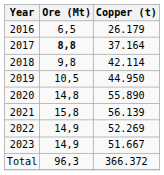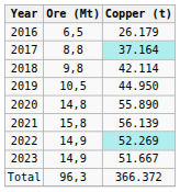 <table class=wikitable style="text-align:center ">
 <tr>
 <th>Year</th>
 <th>Ore (Mt)</th>
 <th>Copper (t)</th>
 </tr>
 <tr>
 <td>2016</td>
 <td>6,5</td>
 <td>26.179</td>
 </tr>
 <tr>
 <td>2017</td>
-<td><strong>8,8</strong></td>
-<td>37.164</td>
+<td>8,8</td>
+<td style="background: paleturquoise;">37.164</td>
 </tr>
 <tr>
 <td>2018</td>
 <td>9,8</td>
 <td>42.114</td>
 </tr>
 <tr>
 <td>2019</td>
 <td>10,5</td>
 <td>44.950</td>
 </tr>
 <tr>
 <td>2020</td>
 <td>14,8</td>
 <td>55.890</td>
 </tr>
 <tr>
 <td>2021</td>
 <td>15,8</td>
 <td>56.139</td>
 </tr>
 <tr>
 <td>2022</td>
 <td>14,9</td>
-<td>52.269</td>
+<td style="background: paleturquoise;">52.269</td>
 </tr>
 <tr>
 <td>2023</td>
 <td>14,9</td>
 <td>51.667</td>
 </tr>
 <tr>
 <td>Total</td>
 <td>96,3</td>
 <td>366.372</td>
 </tr>
 <tr>
 </tr>
 </table>
